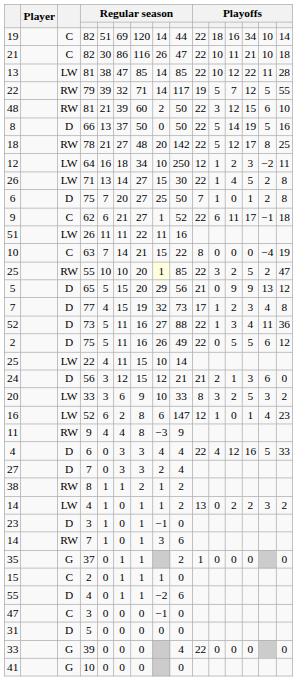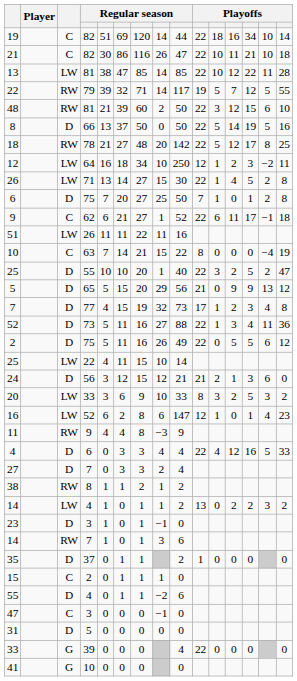 <table class="wikitable sortable plainrowheaders" style="text-align:center;">
 <tr>
 <th scope="col" data-sort-type="number" rowspan="2"></th>
 <th scope="col" rowspan="2">Player</th>
 <th scope="col" rowspan="2"></th>
 <th scope=colgroup colspan=6>Regular season</th>
 <th scope=colgroup colspan=6>Playoffs</th>
 </tr>
 <tr>
 <th scope="col" data-sort-type="number"></th>
 <th scope="col" data-sort-type="number"></th>
 <th scope="col" data-sort-type="number"></th>
 <th scope="col" data-sort-type="number"></th>
 <th scope="col" data-sort-type="number"></th>
 <th scope="col" data-sort-type="number"></th>
 <th scope="col" data-sort-type="number"></th>
 <th scope="col" data-sort-type="number"></th>
 <th scope="col" data-sort-type="number"></th>
 <th scope="col" data-sort-type="number"></th>
 <th scope="col" data-sort-type="number"></th>
 <th scope="col" data-sort-type="number"></th>
 </tr>
 <tr>
 <td scope="row">19</td>
 <td align="left"></td>
 <td>C</td>
 <td>82</td>
 <td>51</td>
 <td>69</td>
 <td>120</td>
 <td>14</td>
 <td>44</td>
 <td>22</td>
 <td>18</td>
 <td>16</td>
 <td>34</td>
 <td>10</td>
 <td>14</td>
 </tr>
 <tr>
 <td scope="row">21</td>
 <td align="left"></td>
 <td>C</td>
 <td>82</td>
 <td>30</td>
 <td>86</td>
 <td>116</td>
 <td>26</td>
 <td>47</td>
 <td>22</td>
 <td>10</td>
 <td>11</td>
 <td>21</td>
 <td>10</td>
 <td>18</td>
 </tr>
 <tr>
 <td scope="row">13</td>
 <td align="left"></td>
 <td>LW</td>
 <td>81</td>
 <td>38</td>
 <td>47</td>
 <td>85</td>
 <td>14</td>
 <td>85</td>
 <td>22</td>
 <td>10</td>
 <td>12</td>
 <td>22</td>
 <td>11</td>
 <td>28</td>
 </tr>
 <tr>
 <td scope="row">22</td>
 <td align="left"></td>
 <td>RW</td>
 <td>79</td>
 <td>39</td>
 <td>32</td>
 <td>71</td>
 <td>14</td>
 <td>117</td>
 <td>19</td>
 <td>5</td>
 <td>7</td>
 <td>12</td>
 <td>5</td>
 <td>55</td>
 </tr>
 <tr>
 <td scope="row">48</td>
 <td align="left"></td>
 <td>RW</td>
 <td>81</td>
 <td>21</td>
 <td>39</td>
 <td>60</td>
 <td>2</td>
 <td>50</td>
 <td>22</td>
 <td>3</td>
 <td>12</td>
 <td>15</td>
 <td>6</td>
 <td>10</td>
 </tr>
 <tr>
 <td scope="row">8</td>
 <td align="left"></td>
 <td>D</td>
 <td>66</td>
 <td>13</td>
 <td>37</td>
 <td>50</td>
 <td>0</td>
 <td>50</td>
 <td>22</td>
 <td>5</td>
 <td>14</td>
 <td>19</td>
 <td>5</td>
 <td>16</td>
 </tr>
 <tr>
 <td scope="row">18</td>
 <td align="left"></td>
 <td>RW</td>
 <td>78</td>
 <td>21</td>
 <td>27</td>
 <td>48</td>
 <td>20</td>
 <td>142</td>
 <td>22</td>
 <td>5</td>
 <td>12</td>
 <td>17</td>
 <td>8</td>
 <td>25</td>
 </tr>
 <tr>
 <td scope="row">12</td>
 <td align="left"></td>
 <td>LW</td>
 <td>64</td>
 <td>16</td>
 <td>18</td>
 <td>34</td>
 <td>10</td>
 <td>250</td>
 <td>12</td>
 <td>1</td>
 <td>2</td>
 <td>3</td>
 <td>−2</td>
 <td>11</td>
 </tr>
 <tr>
 <td scope="row">26</td>
 <td align="left"></td>
 <td>LW</td>
 <td>71</td>
 <td>13</td>
 <td>14</td>
 <td>27</td>
 <td>15</td>
 <td>30</td>
 <td>22</td>
 <td>1</td>
 <td>4</td>
 <td>5</td>
 <td>2</td>
 <td>8</td>
 </tr>
 <tr>
 <td scope="row">6</td>
 <td align="left"></td>
 <td>D</td>
 <td>75</td>
 <td>7</td>
 <td>20</td>
 <td>27</td>
 <td>25</td>
 <td>50</td>
 <td>7</td>
 <td>1</td>
 <td>0</td>
 <td>1</td>
 <td>2</td>
 <td>8</td>
 </tr>
 <tr>
 <td scope="row">9</td>
 <td align="left"></td>
 <td>C</td>
 <td>62</td>
 <td>6</td>
 <td>21</td>
 <td>27</td>
 <td>1</td>
 <td>52</td>
 <td>22</td>
 <td>6</td>
 <td>11</td>
 <td>17</td>
 <td>−1</td>
 <td>18</td>
 </tr>
 <tr>
 <td scope="row">51</td>
 <td align="left"></td>
 <td>LW</td>
 <td>26</td>
 <td>11</td>
 <td>11</td>
 <td>22</td>
 <td>11</td>
 <td>16</td>
 <td></td>
 <td></td>
 <td></td>
 <td></td>
 <td></td>
 <td></td>
 </tr>
 <tr>
 <td scope="row">10</td>
 <td align="left"></td>
 <td>C</td>
 <td>63</td>
 <td>7</td>
 <td>14</td>
 <td>21</td>
 <td>15</td>
 <td>22</td>
 <td>8</td>
 <td>0</td>
 <td>0</td>
 <td>0</td>
 <td>−4</td>
 <td>19</td>
 </tr>
 <tr>
 <td scope="row">25</td>
 <td align="left"></td>
-<td>RW</td>
+<td>D</td>
 <td>55</td>
 <td>10</td>
 <td>10</td>
 <td>20</td>
-<td style="background: lightyellow;">1</td>
-<td>85</td>
+<td>1</td>
+<td>40</td>
 <td>22</td>
 <td>3</td>
 <td>2</td>
 <td>5</td>
 <td>2</td>
 <td>47</td>
 </tr>
 <tr>
 <td scope="row">5</td>
 <td align="left"></td>
 <td>D</td>
 <td>65</td>
 <td>5</td>
 <td>15</td>
 <td>20</td>
 <td>29</td>
 <td>56</td>
 <td>21</td>
 <td>0</td>
 <td>9</td>
 <td>9</td>
 <td>13</td>
 <td>12</td>
 </tr>
 <tr>
 <td scope="row">7</td>
 <td align="left"></td>
 <td>D</td>
 <td>77</td>
 <td>4</td>
 <td>15</td>
 <td>19</td>
 <td>32</td>
 <td>73</td>
 <td>17</td>
 <td>1</td>
 <td>2</td>
 <td>3</td>
 <td>4</td>
 <td>8</td>
 </tr>
 <tr>
 <td scope="row">52</td>
 <td align="left"></td>
 <td>D</td>
 <td>73</td>
 <td>5</td>
 <td>11</td>
 <td>16</td>
 <td>27</td>
 <td>88</td>
 <td>22</td>
 <td>1</td>
 <td>3</td>
 <td>4</td>
 <td>11</td>
 <td>36</td>
 </tr>
 <tr>
 <td scope="row">2</td>
 <td align="left"></td>
 <td>D</td>
 <td>75</td>
 <td>5</td>
 <td>11</td>
 <td>16</td>
 <td>26</td>
 <td>49</td>
 <td>22</td>
 <td>0</td>
 <td>5</td>
 <td>5</td>
 <td>6</td>
 <td>12</td>
 </tr>
 <tr>
 <td scope="row">25</td>
 <td align="left"></td>
 <td>LW</td>
 <td>22</td>
 <td>4</td>
 <td>11</td>
 <td>15</td>
 <td>10</td>
 <td>14</td>
 <td></td>
 <td></td>
 <td></td>
 <td></td>
 <td></td>
 <td></td>
 </tr>
 <tr>
 <td scope="row">24</td>
 <td align="left"></td>
 <td>D</td>
 <td>56</td>
 <td>3</td>
 <td>12</td>
 <td>15</td>
 <td>12</td>
 <td>21</td>
 <td>21</td>
 <td>2</td>
 <td>1</td>
 <td>3</td>
 <td>6</td>
 <td>0</td>
 </tr>
 <tr>
 <td scope="row">20</td>
 <td align="left"></td>
 <td>LW</td>
 <td>33</td>
 <td>3</td>
 <td>6</td>
 <td>9</td>
 <td>10</td>
 <td>33</td>
 <td>8</td>
 <td>3</td>
 <td>2</td>
 <td>5</td>
 <td>3</td>
 <td>2</td>
 </tr>
 <tr>
 <td scope="row">16</td>
 <td align="left"></td>
 <td>LW</td>
 <td>52</td>
 <td>6</td>
 <td>2</td>
 <td>8</td>
 <td>6</td>
 <td>147</td>
 <td>12</td>
 <td>1</td>
 <td>0</td>
 <td>1</td>
 <td>4</td>
 <td>23</td>
 </tr>
 <tr>
 <td scope="row">11</td>
 <td align="left"></td>
 <td>RW</td>
 <td>9</td>
 <td>4</td>
 <td>4</td>
 <td>8</td>
 <td>−3</td>
 <td>9</td>
 <td></td>
 <td></td>
 <td></td>
 <td></td>
 <td></td>
 <td></td>
 </tr>
 <tr>
 <td scope="row">4</td>
 <td align="left"></td>
 <td>D</td>
 <td>6</td>
 <td>0</td>
 <td>3</td>
 <td>3</td>
 <td>4</td>
 <td>4</td>
 <td>22</td>
 <td>4</td>
 <td>12</td>
 <td>16</td>
 <td>5</td>
 <td>33</td>
 </tr>
 <tr>
 <td scope="row">27</td>
 <td align="left"></td>
 <td>D</td>
 <td>7</td>
 <td>0</td>
 <td>3</td>
 <td>3</td>
 <td>2</td>
 <td>4</td>
 <td></td>
 <td></td>
 <td></td>
 <td></td>
 <td></td>
 <td></td>
 </tr>
 <tr>
 <td scope="row">38</td>
 <td align="left"></td>
 <td>RW</td>
 <td>8</td>
 <td>1</td>
 <td>1</td>
 <td>2</td>
 <td>1</td>
 <td>2</td>
 <td></td>
 <td></td>
 <td></td>
 <td></td>
 <td></td>
 <td></td>
 </tr>
 <tr>
 <td scope="row">14</td>
 <td align="left"></td>
 <td>LW</td>
 <td>4</td>
 <td>1</td>
 <td>0</td>
 <td>1</td>
 <td>1</td>
 <td>2</td>
 <td>13</td>
 <td>0</td>
 <td>2</td>
 <td>2</td>
 <td>3</td>
 <td>2</td>
 </tr>
 <tr>
 <td scope="row">23</td>
 <td align="left"></td>
 <td>D</td>
 <td>3</td>
 <td>1</td>
 <td>0</td>
 <td>1</td>
 <td>−1</td>
 <td>0</td>
 <td></td>
 <td></td>
 <td></td>
 <td></td>
 <td></td>
 <td></td>
 </tr>
 <tr>
 <td scope="row">14</td>
 <td align="left"></td>
 <td>RW</td>
 <td>7</td>
 <td>1</td>
 <td>0</td>
 <td>1</td>
 <td>3</td>
 <td>6</td>
 <td></td>
 <td></td>
 <td></td>
 <td></td>
 <td></td>
 <td></td>
 </tr>
 <tr>
 <td scope="row">35</td>
 <td align="left"></td>
-<td>G</td>
+<td>D</td>
 <td>37</td>
 <td>0</td>
 <td>1</td>
 <td>1</td>
 <td style="background:#ccc"></td>
 <td>2</td>
 <td>1</td>
 <td>0</td>
 <td>0</td>
 <td>0</td>
 <td style="background:#ccc"></td>
 <td>0</td>
 </tr>
 <tr>
 <td scope="row">15</td>
 <td align="left"></td>
 <td>C</td>
 <td>2</td>
 <td>0</td>
 <td>1</td>
 <td>1</td>
 <td>1</td>
 <td>0</td>
 <td></td>
 <td></td>
 <td></td>
 <td></td>
 <td></td>
 <td></td>
 </tr>
 <tr>
 <td scope="row">55</td>
 <td align="left"></td>
 <td>D</td>
 <td>4</td>
 <td>0</td>
 <td>1</td>
 <td>1</td>
 <td>−2</td>
 <td>6</td>
 <td></td>
 <td></td>
 <td></td>
 <td></td>
 <td></td>
 <td></td>
 </tr>
 <tr>
 <td scope="row">47</td>
 <td align="left"></td>
 <td>C</td>
 <td>3</td>
 <td>0</td>
 <td>0</td>
 <td>0</td>
 <td>−1</td>
 <td>0</td>
 <td></td>
 <td></td>
 <td></td>
 <td></td>
 <td></td>
 <td></td>
 </tr>
 <tr>
 <td scope="row">31</td>
 <td align="left"></td>
 <td>D</td>
 <td>5</td>
 <td>0</td>
 <td>0</td>
 <td>0</td>
 <td>0</td>
 <td>0</td>
 <td></td>
 <td></td>
 <td></td>
 <td></td>
 <td></td>
 <td></td>
 </tr>
 <tr>
 <td scope="row">33</td>
 <td align="left"></td>
 <td>G</td>
 <td>39</td>
 <td>0</td>
 <td>0</td>
 <td>0</td>
 <td style="background:#ccc"></td>
 <td>4</td>
 <td>22</td>
 <td>0</td>
 <td>0</td>
 <td>0</td>
 <td style="background:#ccc"></td>
 <td>0</td>
 </tr>
 <tr>
 <td scope="row">41</td>
 <td align="left"></td>
 <td>G</td>
 <td>10</td>
 <td>0</td>
 <td>0</td>
 <td>0</td>
 <td style="background:#ccc"></td>
 <td>0</td>
 <td></td>
 <td></td>
 <td></td>
 <td></td>
 <td></td>
 <td></td>
 </tr>
 </table>
